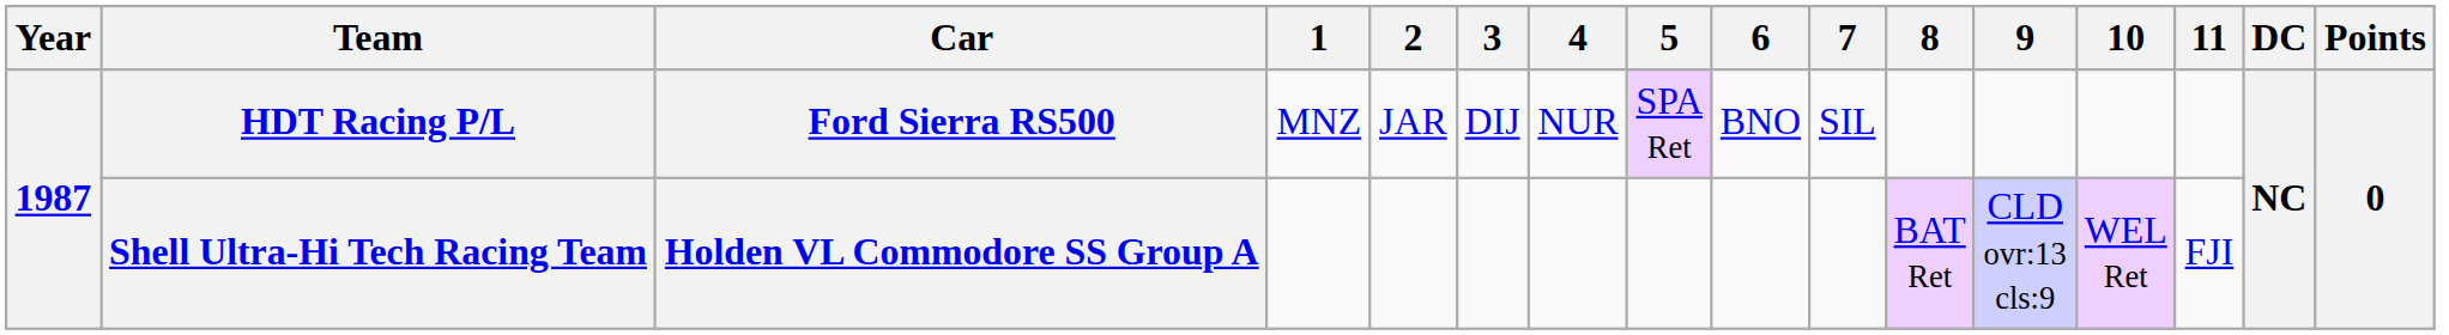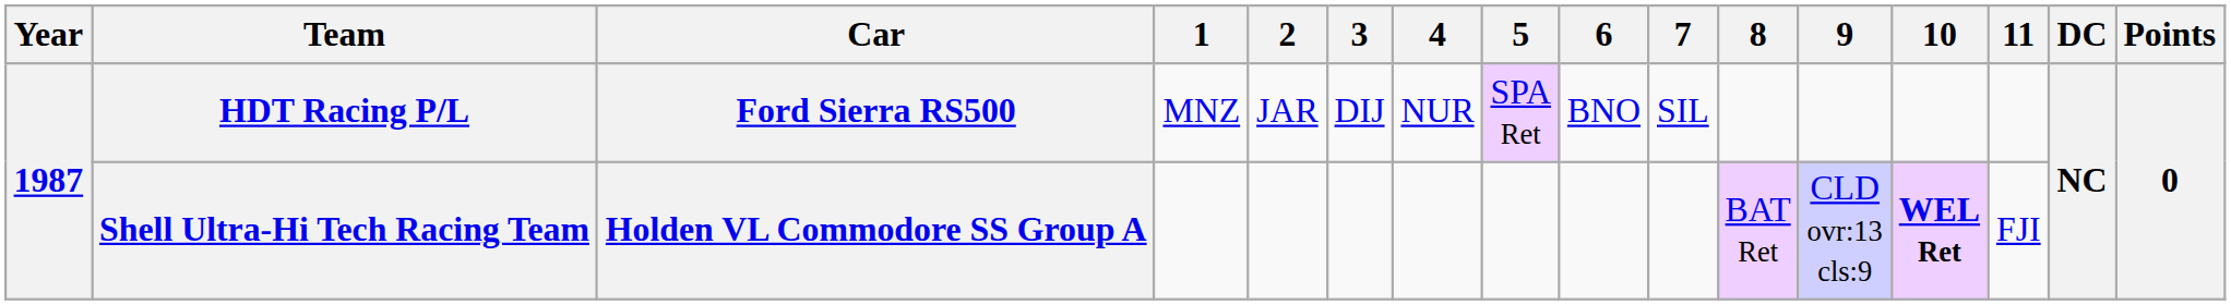 <table class="wikitable" style="text-align:center; font-size:90%">
 <tr>
 <th>Year</th>
 <th>Team</th>
 <th>Car</th>
 <th>1</th>
 <th>2</th>
 <th>3</th>
 <th>4</th>
 <th>5</th>
 <th>6</th>
 <th>7</th>
 <th>8</th>
 <th>9</th>
 <th>10</th>
 <th>11</th>
 <th>DC</th>
 <th>Points</th>
 </tr>
 <tr>
 <th rowspan=2><a href='#'>1987</a></th>
 <th> <a href='#'>HDT Racing P/L</a></th>
 <th><a href='#'>Ford Sierra RS500</a></th>
 <td><a href='#'>MNZ</a></td>
 <td><a href='#'>JAR</a></td>
 <td><a href='#'>DIJ</a></td>
 <td><a href='#'>NUR</a></td>
 <td style="background:#efcfff;"><a href='#'>SPA</a><br><small>Ret</small></td>
 <td><a href='#'>BNO</a></td>
 <td><a href='#'>SIL</a></td>
 <td></td>
 <td></td>
 <td></td>
 <td></td>
 <th rowspan=2>NC</th>
 <th rowspan=2>0</th>
 </tr>
 <tr>
 <th> <a href='#'>Shell Ultra-Hi Tech Racing Team</a></th>
 <th><a href='#'>Holden VL Commodore SS Group A</a></th>
 <td></td>
 <td></td>
 <td></td>
 <td></td>
 <td></td>
 <td></td>
 <td></td>
 <td style="background:#efcfff;"><a href='#'>BAT</a><br><small>Ret</small></td>
 <td style="background:#cfcfff;"><a href='#'>CLD</a><br><small>ovr:13<br>cls:9</small></td>
-<td style="background:#efcfff;"><a href='#'>WEL</a><br><small>Ret</small></td>
+<td style="background:#efcfff;"><strong><a href='#'>WEL</a><br><small>Ret</small></strong></td>
 <td><a href='#'>FJI</a></td>
 </tr>
 </table>
